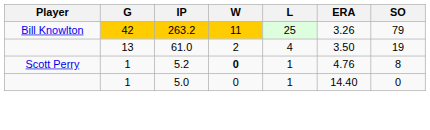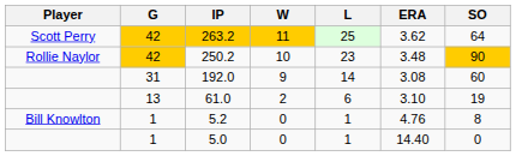 <table class="wikitable sortable">
 <tr>
 <th bgcolor="#DDDDFF" width="16%">Player</th>
 <th bgcolor="#DDDDFF" width="9%">G</th>
 <th bgcolor="#DDDDFF" width="9%">IP</th>
 <th bgcolor="#DDDDFF" width="9%">W</th>
 <th bgcolor="#DDDDFF" width="9%">L</th>
 <th bgcolor="#DDDDFF" width="9%">ERA</th>
 <th bgcolor="#DDDDFF" width="9%">SO</th>
 </tr>
 <tr align="center">
-<td><a href='#'>Bill Knowlton</a></td>
+<td><a href='#'>Scott Perry</a></td>
 <td style="background:#fc0;">42</td>
 <td style="background:#fc0;">263.2</td>
 <td style="background:#fc0;">11</td>
 <td style="background:#DDFFDD;">25</td>
-<td>3.26</td>
-<td>79</td>
+<td>3.62</td>
+<td>64</td>
+</tr>
+<tr align=center>
+<td><a href='#'>Rollie Naylor</a></td>
+<td style="background:#fc0;">42</td>
+<td>250.2</td>
+<td>10</td>
+<td>23</td>
+<td>3.48</td>
+<td style="background:#fc0;">90</td>
+</tr>
+<tr align=center>
+<td></td>
+<td>31</td>
+<td>192.0</td>
+<td>9</td>
+<td>14</td>
+<td>3.08</td>
+<td>60</td>
 </tr>
 <tr align="center">
 <td></td>
 <td>13</td>
 <td>61.0</td>
 <td>2</td>
-<td>4</td>
-<td>3.50</td>
+<td>6</td>
+<td>3.10</td>
 <td>19</td>
 </tr>
 <tr align="center">
-<td><a href='#'>Scott Perry</a></td>
+<td><a href='#'>Bill Knowlton</a></td>
 <td>1</td>
 <td>5.2</td>
-<td><strong>0</strong></td>
+<td>0</td>
 <td>1</td>
 <td>4.76</td>
 <td>8</td>
 </tr>
 <tr align=center>
 <td></td>
 <td>1</td>
 <td>5.0</td>
 <td>0</td>
 <td>1</td>
 <td>14.40</td>
 <td>0</td>
 </tr>
 </table>
